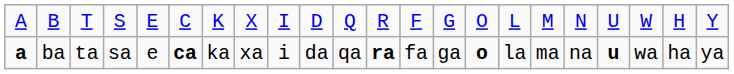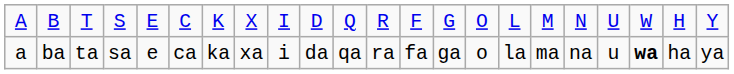 <table class=wikitable style=text-align:center>
 <tr>
 <td width=15><a href='#'>A</a></td>
 <td width=15><a href='#'>B</a></td>
 <td width=15><a href='#'>T</a></td>
 <td width=15><a href='#'>S</a></td>
 <td width=15><a href='#'>E</a></td>
 <td width=15><a href='#'>C</a></td>
 <td width=15><a href='#'>K</a></td>
 <td width=15><a href='#'>X</a></td>
 <td width=15><a href='#'>I</a></td>
 <td width=15><a href='#'>D</a></td>
 <td width=15><a href='#'>Q</a></td>
 <td width=15><a href='#'>R</a></td>
 <td width=15><a href='#'>F</a></td>
 <td width=15><a href='#'>G</a></td>
 <td width=15><a href='#'>O</a></td>
 <td width=15><a href='#'>L</a></td>
 <td width=15><a href='#'>M</a></td>
 <td width=15><a href='#'>N</a></td>
 <td width=15><a href='#'>U</a></td>
 <td width=15><a href='#'>W</a></td>
 <td width=15><a href='#'>H</a></td>
 <td width=15><a href='#'>Y</a></td>
 </tr>
 <tr>
-<td><strong>a</strong></td>
+<td>a</td>
 <td>ba</td>
 <td>ta</td>
 <td>sa</td>
 <td>e</td>
-<td><strong>ca</strong></td>
+<td>ca</td>
 <td>ka</td>
 <td>xa</td>
 <td>i</td>
 <td>da</td>
 <td>qa</td>
-<td><strong>ra</strong></td>
+<td>ra</td>
 <td>fa</td>
 <td>ga</td>
-<td><strong>o</strong></td>
+<td>o</td>
 <td>la</td>
 <td>ma</td>
 <td>na</td>
-<td><strong>u</strong></td>
-<td>wa</td>
+<td>u</td>
+<td><strong>wa</strong></td>
 <td>ha</td>
 <td>ya</td>
 </tr>
 </table>
